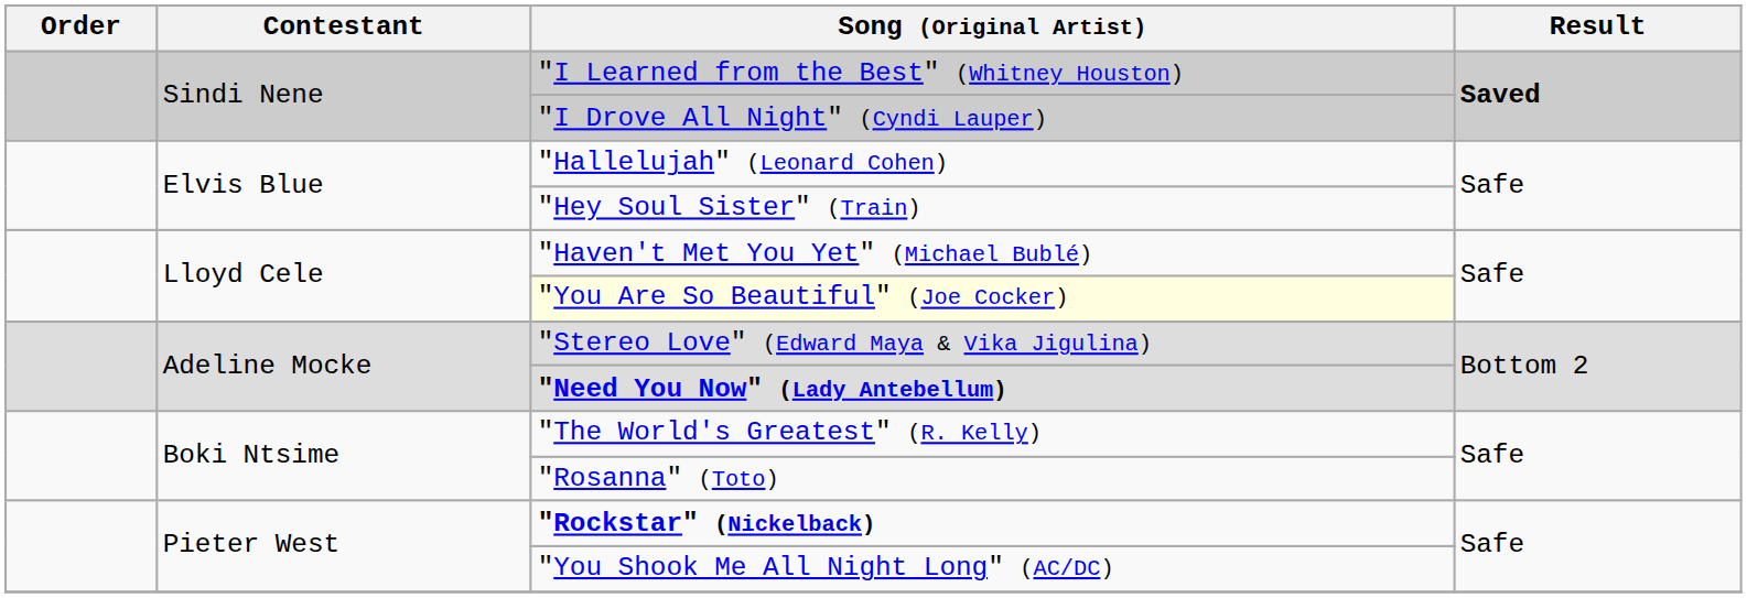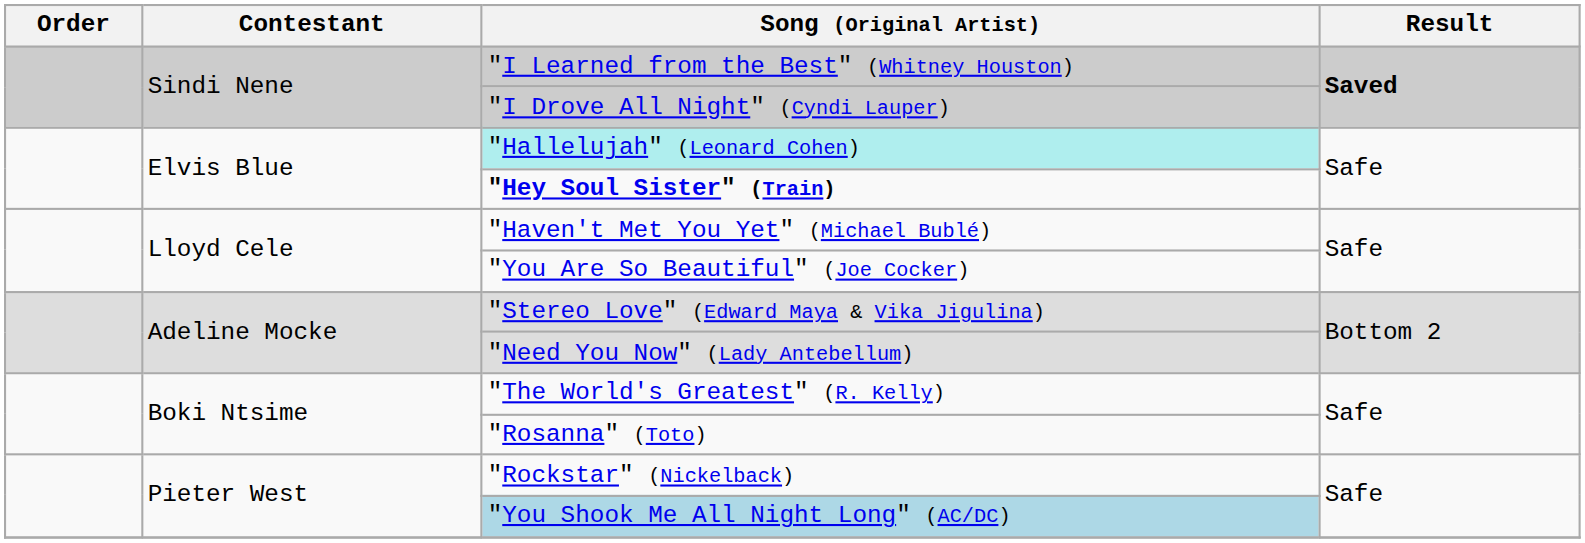 <table class="wikitable" style="font-size:90%; width:60%; text-align: left;">
 <tr>
 <th width="05%">Order</th>
 <th width="13%">Contestant</th>
 <th width="32%">Song <small>(Original Artist)</small></th>
 <th width="10%">Result</th>
 </tr>
 <tr>
 <td bgcolor="CCCCCC" rowspan="2"></td>
 <td bgcolor="CCCCCC" rowspan="2">Sindi Nene</td>
 <td bgcolor="CCCCCC">"<a href='#'>I Learned from the Best</a>" <small>(<a href='#'>Whitney Houston</a>)</small></td>
 <td bgcolor="CCCCCC" rowspan="2"><strong>Saved</strong></td>
 </tr>
 <tr>
 <td bgcolor="CCCCCC">"<a href='#'>I Drove All Night</a>" <small>(<a href='#'>Cyndi Lauper</a>)</small></td>
 </tr>
 <tr>
 <td rowspan="2"></td>
 <td rowspan="2">Elvis Blue</td>
-<td>"<a href='#'>Hallelujah</a>" <small>(<a href='#'>Leonard Cohen</a>)</small></td>
+<td style="background: paleturquoise;">"<a href='#'>Hallelujah</a>" <small>(<a href='#'>Leonard Cohen</a>)</small></td>
 <td rowspan="2">Safe</td>
 </tr>
 <tr>
-<td>"<a href='#'>Hey Soul Sister</a>" <small>(<a href='#'>Train</a>)</small></td>
+<td><strong>"<a href='#'>Hey Soul Sister</a>" <small>(<a href='#'>Train</a>)</small></strong></td>
 </tr>
 <tr>
 <td rowspan="2"></td>
 <td rowspan="2">Lloyd Cele</td>
 <td>"<a href='#'>Haven't Met You Yet</a>" <small>(<a href='#'>Michael Bublé</a>)</small></td>
 <td rowspan="2">Safe</td>
 </tr>
 <tr>
-<td style="background: lightyellow;">"<a href='#'>You Are So Beautiful</a>" <small>(<a href='#'>Joe Cocker</a>)</small></td>
+<td>"<a href='#'>You Are So Beautiful</a>" <small>(<a href='#'>Joe Cocker</a>)</small></td>
 </tr>
 <tr>
 <td bgcolor="DDDDDD" rowspan="2"></td>
 <td bgcolor="DDDDDD" rowspan="2">Adeline Mocke</td>
 <td bgcolor="DDDDDD">"<a href='#'>Stereo Love</a>" <small>(<a href='#'>Edward Maya</a> & <a href='#'>Vika Jigulina</a>)</small></td>
 <td bgcolor="DDDDDD" rowspan="2">Bottom 2</td>
 </tr>
 <tr>
-<td bgcolor="DDDDDD"><strong>"<a href='#'>Need You Now</a>" <small>(<a href='#'>Lady Antebellum</a>)</small></strong></td>
+<td bgcolor="DDDDDD">"<a href='#'>Need You Now</a>" <small>(<a href='#'>Lady Antebellum</a>)</small></td>
 </tr>
 <tr>
 <td rowspan="2"></td>
 <td rowspan="2">Boki Ntsime</td>
 <td>"<a href='#'>The World's Greatest</a>" <small>(<a href='#'>R. Kelly</a>)</small></td>
 <td rowspan="2">Safe</td>
 </tr>
 <tr>
 <td>"<a href='#'>Rosanna</a>" <small>(<a href='#'>Toto</a>)</small></td>
 </tr>
 <tr>
 <td rowspan="2"></td>
 <td rowspan="2">Pieter West</td>
-<td><strong>"<a href='#'>Rockstar</a>" <small>(<a href='#'>Nickelback</a>)</small></strong></td>
+<td>"<a href='#'>Rockstar</a>" <small>(<a href='#'>Nickelback</a>)</small></td>
 <td rowspan="2">Safe</td>
 </tr>
 <tr>
-<td>"<a href='#'>You Shook Me All Night Long</a>" <small>(<a href='#'>AC/DC</a>)</small></td>
+<td style="background: lightblue;">"<a href='#'>You Shook Me All Night Long</a>" <small>(<a href='#'>AC/DC</a>)</small></td>
 </tr>
 <tr>
 </tr>
 </table>
